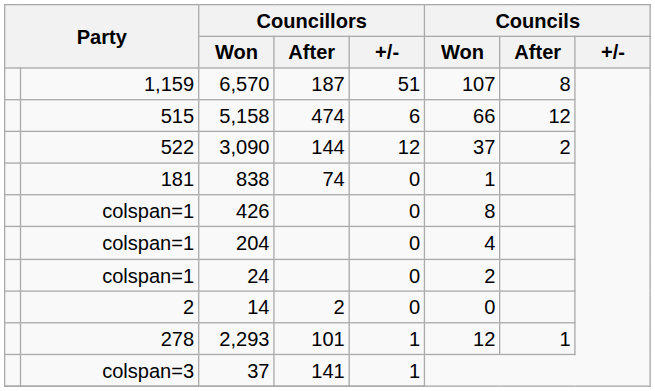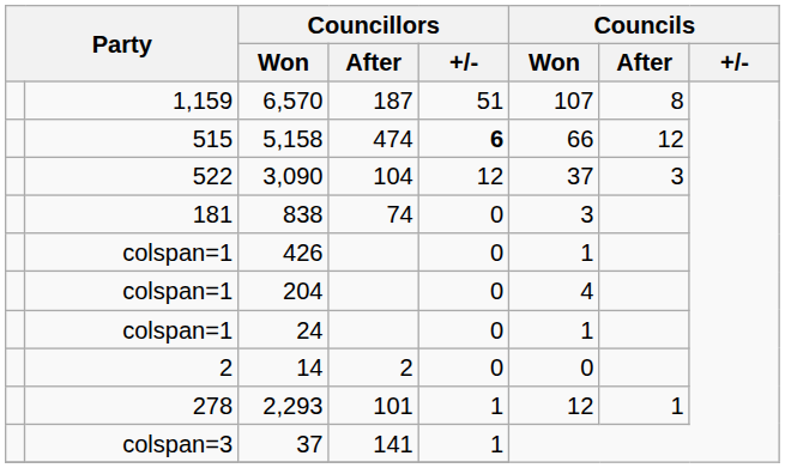 <table id="results" class="wikitable" style="text-align:right; font-size:95%;">
 <tr>
 <th colspan="2" rowspan="2" style="width:140px;">Party</th>
 <th colspan="3">Councillors</th>
 <th colspan="3">Councils</th>
 </tr>
 <tr>
 <th style="width:50px;">Won</th>
 <th style="width:50px;">After</th>
 <th style="width:50px;">+/-</th>
 <th style="width:50px;">Won</th>
 <th style="width:50px;">After</th>
 <th style="width:50px;">+/-</th>
 </tr>
 <tr>
 <td></td>
 <td>1,159</td>
 <td>6,570</td>
 <td> 187</td>
 <td>51</td>
 <td>107</td>
 <td> 8</td>
 </tr>
 <tr>
 <td></td>
 <td>515</td>
 <td>5,158</td>
 <td> 474</td>
-<td>6</td>
+<td><strong>6</strong></td>
 <td>66</td>
 <td> 12</td>
 </tr>
 <tr>
 <td></td>
 <td>522</td>
 <td>3,090</td>
-<td> 144</td>
+<td> 104</td>
 <td>12</td>
 <td>37</td>
-<td> 2</td>
+<td> 3</td>
 </tr>
 <tr>
 <td></td>
 <td>181</td>
 <td>838</td>
 <td> 74</td>
 <td>0</td>
-<td>1</td>
+<td>3</td>
 <td></td>
 </tr>
 <tr>
 <td></td>
 <td>colspan=1 </td>
 <td>426</td>
 <td></td>
 <td>0</td>
-<td>8</td>
+<td>1</td>
 <td></td>
 </tr>
 <tr>
 <td></td>
 <td>colspan=1 </td>
 <td>204</td>
 <td></td>
 <td>0</td>
 <td>4</td>
 <td></td>
 </tr>
 <tr>
 <td></td>
 <td>colspan=1 </td>
 <td>24</td>
 <td></td>
 <td>0</td>
-<td>2</td>
+<td>1</td>
 <td></td>
 </tr>
 <tr>
 <td></td>
 <td>2</td>
 <td>14</td>
 <td> 2</td>
 <td>0</td>
 <td>0</td>
 <td></td>
 </tr>
 <tr>
 <td></td>
 <td>278</td>
 <td>2,293</td>
 <td> 101</td>
 <td>1</td>
 <td>12</td>
 <td> 1</td>
 </tr>
 <tr>
 <td></td>
 <td>colspan=3 </td>
 <td>37</td>
 <td>141</td>
 <td> 1</td>
 </tr>
 <tr>
 </tr>
 </table>
